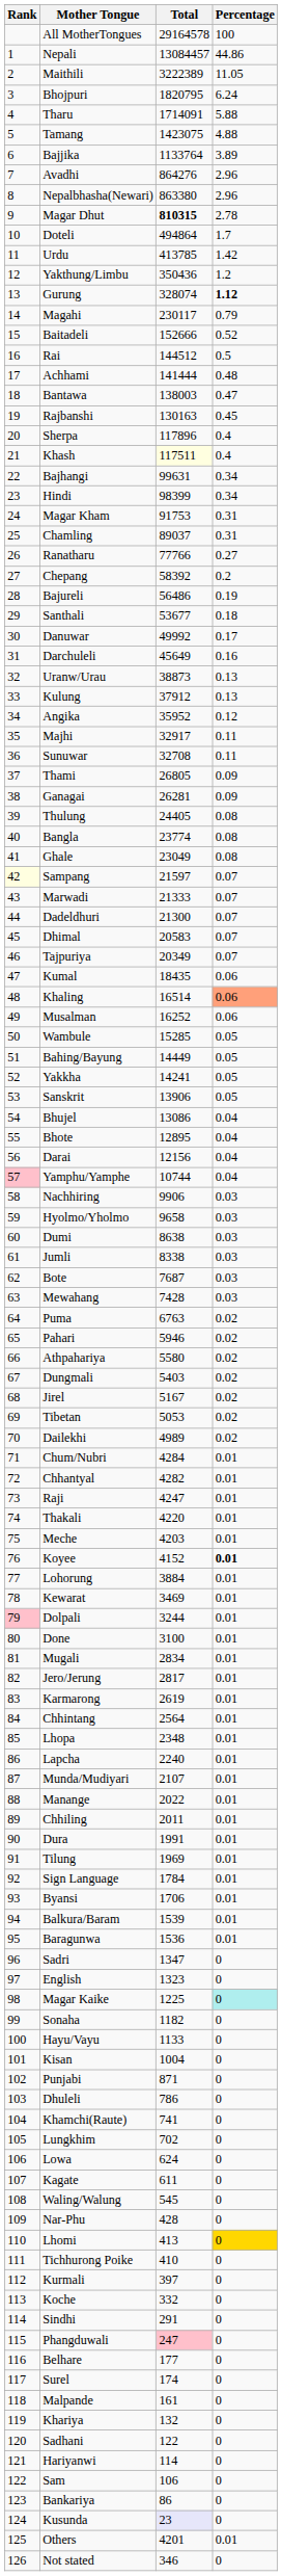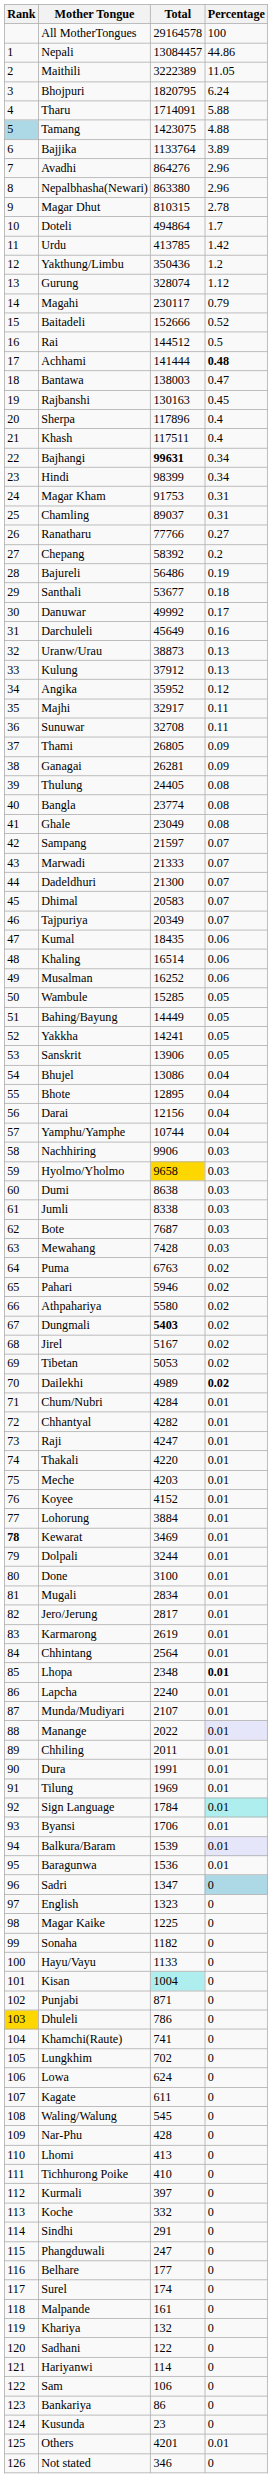 <table class="wikitable">
 <tr>
 <th>Rank</th>
 <th>Mother Tongue</th>
 <th>Total</th>
 <th>Percentage</th>
 </tr>
 <tr>
 <td></td>
 <td>All MotherTongues</td>
 <td>29164578</td>
 <td>100</td>
 </tr>
 <tr>
 <td>1</td>
 <td>Nepali</td>
 <td>13084457</td>
 <td>44.86</td>
 </tr>
 <tr>
 <td>2</td>
 <td>Maithili</td>
 <td>3222389</td>
 <td>11.05</td>
 </tr>
 <tr>
 <td>3</td>
 <td>Bhojpuri</td>
 <td>1820795</td>
 <td>6.24</td>
 </tr>
 <tr>
 <td>4</td>
 <td>Tharu</td>
 <td>1714091</td>
 <td>5.88</td>
 </tr>
 <tr>
-<td>5</td>
+<td style="background: lightblue;">5</td>
 <td>Tamang</td>
 <td>1423075</td>
 <td>4.88</td>
 </tr>
 <tr>
 <td>6</td>
 <td>Bajjika</td>
 <td>1133764</td>
 <td>3.89</td>
 </tr>
 <tr>
 <td>7</td>
 <td>Avadhi</td>
 <td>864276</td>
 <td>2.96</td>
 </tr>
 <tr>
 <td>8</td>
 <td>Nepalbhasha(Newari)</td>
 <td>863380</td>
 <td>2.96</td>
 </tr>
 <tr>
 <td>9</td>
 <td>Magar Dhut</td>
-<td><strong>810315</strong></td>
+<td>810315</td>
 <td>2.78</td>
 </tr>
 <tr>
 <td>10</td>
 <td>Doteli</td>
 <td>494864</td>
 <td>1.7</td>
 </tr>
 <tr>
 <td>11</td>
 <td>Urdu</td>
 <td>413785</td>
 <td>1.42</td>
 </tr>
 <tr>
 <td>12</td>
 <td>Yakthung/Limbu</td>
 <td>350436</td>
 <td>1.2</td>
 </tr>
 <tr>
 <td>13</td>
 <td>Gurung</td>
 <td>328074</td>
-<td><strong>1.12</strong></td>
+<td>1.12</td>
 </tr>
 <tr>
 <td>14</td>
 <td>Magahi</td>
 <td>230117</td>
 <td>0.79</td>
 </tr>
 <tr>
 <td>15</td>
 <td>Baitadeli</td>
 <td>152666</td>
 <td>0.52</td>
 </tr>
 <tr>
 <td>16</td>
 <td>Rai</td>
 <td>144512</td>
 <td>0.5</td>
 </tr>
 <tr>
 <td>17</td>
 <td>Achhami</td>
 <td>141444</td>
-<td>0.48</td>
+<td><strong>0.48</strong></td>
 </tr>
 <tr>
 <td>18</td>
 <td>Bantawa</td>
 <td>138003</td>
 <td>0.47</td>
 </tr>
 <tr>
 <td>19</td>
 <td>Rajbanshi</td>
 <td>130163</td>
 <td>0.45</td>
 </tr>
 <tr>
 <td>20</td>
 <td>Sherpa</td>
 <td>117896</td>
 <td>0.4</td>
 </tr>
 <tr>
 <td>21</td>
 <td>Khash</td>
-<td style="background: lightyellow;">117511</td>
+<td>117511</td>
 <td>0.4</td>
 </tr>
 <tr>
 <td>22</td>
 <td>Bajhangi</td>
-<td>99631</td>
+<td><strong>99631</strong></td>
 <td>0.34</td>
 </tr>
 <tr>
 <td>23</td>
 <td>Hindi</td>
 <td>98399</td>
 <td>0.34</td>
 </tr>
 <tr>
 <td>24</td>
 <td>Magar Kham</td>
 <td>91753</td>
 <td>0.31</td>
 </tr>
 <tr>
 <td>25</td>
 <td>Chamling</td>
 <td>89037</td>
 <td>0.31</td>
 </tr>
 <tr>
 <td>26</td>
 <td>Ranatharu</td>
 <td>77766</td>
 <td>0.27</td>
 </tr>
 <tr>
 <td>27</td>
 <td>Chepang</td>
 <td>58392</td>
 <td>0.2</td>
 </tr>
 <tr>
 <td>28</td>
 <td>Bajureli</td>
 <td>56486</td>
 <td>0.19</td>
 </tr>
 <tr>
 <td>29</td>
 <td>Santhali</td>
 <td>53677</td>
 <td>0.18</td>
 </tr>
 <tr>
 <td>30</td>
 <td>Danuwar</td>
 <td>49992</td>
 <td>0.17</td>
 </tr>
 <tr>
 <td>31</td>
 <td>Darchuleli</td>
 <td>45649</td>
 <td>0.16</td>
 </tr>
 <tr>
 <td>32</td>
 <td>Uranw/Urau</td>
 <td>38873</td>
 <td>0.13</td>
 </tr>
 <tr>
 <td>33</td>
 <td>Kulung</td>
 <td>37912</td>
 <td>0.13</td>
 </tr>
 <tr>
 <td>34</td>
 <td>Angika</td>
 <td>35952</td>
 <td>0.12</td>
 </tr>
 <tr>
 <td>35</td>
 <td>Majhi</td>
 <td>32917</td>
 <td>0.11</td>
 </tr>
 <tr>
 <td>36</td>
 <td>Sunuwar</td>
 <td>32708</td>
 <td>0.11</td>
 </tr>
 <tr>
 <td>37</td>
 <td>Thami</td>
 <td>26805</td>
 <td>0.09</td>
 </tr>
 <tr>
 <td>38</td>
 <td>Ganagai</td>
 <td>26281</td>
 <td>0.09</td>
 </tr>
 <tr>
 <td>39</td>
 <td>Thulung</td>
 <td>24405</td>
 <td>0.08</td>
 </tr>
 <tr>
 <td>40</td>
 <td>Bangla</td>
 <td>23774</td>
 <td>0.08</td>
 </tr>
 <tr>
 <td>41</td>
 <td>Ghale</td>
 <td>23049</td>
 <td>0.08</td>
 </tr>
 <tr>
-<td style="background: lightyellow;">42</td>
+<td>42</td>
 <td>Sampang</td>
 <td>21597</td>
 <td>0.07</td>
 </tr>
 <tr>
 <td>43</td>
 <td>Marwadi</td>
 <td>21333</td>
 <td>0.07</td>
 </tr>
 <tr>
 <td>44</td>
 <td>Dadeldhuri</td>
 <td>21300</td>
 <td>0.07</td>
 </tr>
 <tr>
 <td>45</td>
 <td>Dhimal</td>
 <td>20583</td>
 <td>0.07</td>
 </tr>
 <tr>
 <td>46</td>
 <td>Tajpuriya</td>
 <td>20349</td>
 <td>0.07</td>
 </tr>
 <tr>
 <td>47</td>
 <td>Kumal</td>
 <td>18435</td>
 <td>0.06</td>
 </tr>
 <tr>
 <td>48</td>
 <td>Khaling</td>
 <td>16514</td>
-<td style="background: lightsalmon;">0.06</td>
+<td>0.06</td>
 </tr>
 <tr>
 <td>49</td>
 <td>Musalman</td>
 <td>16252</td>
 <td>0.06</td>
 </tr>
 <tr>
 <td>50</td>
 <td>Wambule</td>
 <td>15285</td>
 <td>0.05</td>
 </tr>
 <tr>
 <td>51</td>
 <td>Bahing/Bayung</td>
 <td>14449</td>
 <td>0.05</td>
 </tr>
 <tr>
 <td>52</td>
 <td>Yakkha</td>
 <td>14241</td>
 <td>0.05</td>
 </tr>
 <tr>
 <td>53</td>
 <td>Sanskrit</td>
 <td>13906</td>
 <td>0.05</td>
 </tr>
 <tr>
 <td>54</td>
 <td>Bhujel</td>
 <td>13086</td>
 <td>0.04</td>
 </tr>
 <tr>
 <td>55</td>
 <td>Bhote</td>
 <td>12895</td>
 <td>0.04</td>
 </tr>
 <tr>
 <td>56</td>
 <td>Darai</td>
 <td>12156</td>
 <td>0.04</td>
 </tr>
 <tr>
-<td style="background: pink;">57</td>
+<td>57</td>
 <td>Yamphu/Yamphe</td>
 <td>10744</td>
 <td>0.04</td>
 </tr>
 <tr>
 <td>58</td>
 <td>Nachhiring</td>
 <td>9906</td>
 <td>0.03</td>
 </tr>
 <tr>
 <td>59</td>
 <td>Hyolmo/Yholmo</td>
-<td>9658</td>
+<td style="background: gold;">9658</td>
 <td>0.03</td>
 </tr>
 <tr>
 <td>60</td>
 <td>Dumi</td>
 <td>8638</td>
 <td>0.03</td>
 </tr>
 <tr>
 <td>61</td>
 <td>Jumli</td>
 <td>8338</td>
 <td>0.03</td>
 </tr>
 <tr>
 <td>62</td>
 <td>Bote</td>
 <td>7687</td>
 <td>0.03</td>
 </tr>
 <tr>
 <td>63</td>
 <td>Mewahang</td>
 <td>7428</td>
 <td>0.03</td>
 </tr>
 <tr>
 <td>64</td>
 <td>Puma</td>
 <td>6763</td>
 <td>0.02</td>
 </tr>
 <tr>
 <td>65</td>
 <td>Pahari</td>
 <td>5946</td>
 <td>0.02</td>
 </tr>
 <tr>
 <td>66</td>
 <td>Athpahariya</td>
 <td>5580</td>
 <td>0.02</td>
 </tr>
 <tr>
 <td>67</td>
 <td>Dungmali</td>
-<td>5403</td>
+<td><strong>5403</strong></td>
 <td>0.02</td>
 </tr>
 <tr>
 <td>68</td>
 <td>Jirel</td>
 <td>5167</td>
 <td>0.02</td>
 </tr>
 <tr>
 <td>69</td>
 <td>Tibetan</td>
 <td>5053</td>
 <td>0.02</td>
 </tr>
 <tr>
 <td>70</td>
 <td>Dailekhi</td>
 <td>4989</td>
-<td>0.02</td>
+<td><strong>0.02</strong></td>
 </tr>
 <tr>
 <td>71</td>
 <td>Chum/Nubri</td>
 <td>4284</td>
 <td>0.01</td>
 </tr>
 <tr>
 <td>72</td>
 <td>Chhantyal</td>
 <td>4282</td>
 <td>0.01</td>
 </tr>
 <tr>
 <td>73</td>
 <td>Raji</td>
 <td>4247</td>
 <td>0.01</td>
 </tr>
 <tr>
 <td>74</td>
 <td>Thakali</td>
 <td>4220</td>
 <td>0.01</td>
 </tr>
 <tr>
 <td>75</td>
 <td>Meche</td>
 <td>4203</td>
 <td>0.01</td>
 </tr>
 <tr>
 <td>76</td>
 <td>Koyee</td>
 <td>4152</td>
-<td><strong>0.01</strong></td>
+<td>0.01</td>
 </tr>
 <tr>
 <td>77</td>
 <td>Lohorung</td>
 <td>3884</td>
 <td>0.01</td>
 </tr>
 <tr>
-<td>78</td>
+<td><strong>78</strong></td>
 <td>Kewarat</td>
 <td>3469</td>
 <td>0.01</td>
 </tr>
 <tr>
-<td style="background: pink;">79</td>
+<td>79</td>
 <td>Dolpali</td>
 <td>3244</td>
 <td>0.01</td>
 </tr>
 <tr>
 <td>80</td>
 <td>Done</td>
 <td>3100</td>
 <td>0.01</td>
 </tr>
 <tr>
 <td>81</td>
 <td>Mugali</td>
 <td>2834</td>
 <td>0.01</td>
 </tr>
 <tr>
 <td>82</td>
 <td>Jero/Jerung</td>
 <td>2817</td>
 <td>0.01</td>
 </tr>
 <tr>
 <td>83</td>
 <td>Karmarong</td>
 <td>2619</td>
 <td>0.01</td>
 </tr>
 <tr>
 <td>84</td>
 <td>Chhintang</td>
 <td>2564</td>
 <td>0.01</td>
 </tr>
 <tr>
 <td>85</td>
 <td>Lhopa</td>
 <td>2348</td>
-<td>0.01</td>
+<td><strong>0.01</strong></td>
 </tr>
 <tr>
 <td>86</td>
 <td>Lapcha</td>
 <td>2240</td>
 <td>0.01</td>
 </tr>
 <tr>
 <td>87</td>
 <td>Munda/Mudiyari</td>
 <td>2107</td>
 <td>0.01</td>
 </tr>
 <tr>
 <td>88</td>
 <td>Manange</td>
 <td>2022</td>
-<td>0.01</td>
+<td style="background: lavender;">0.01</td>
 </tr>
 <tr>
 <td>89</td>
 <td>Chhiling</td>
 <td>2011</td>
 <td>0.01</td>
 </tr>
 <tr>
 <td>90</td>
 <td>Dura</td>
 <td>1991</td>
 <td>0.01</td>
 </tr>
 <tr>
 <td>91</td>
 <td>Tilung</td>
 <td>1969</td>
 <td>0.01</td>
 </tr>
 <tr>
 <td>92</td>
 <td>Sign Language</td>
 <td>1784</td>
-<td>0.01</td>
+<td style="background: paleturquoise;">0.01</td>
 </tr>
 <tr>
 <td>93</td>
 <td>Byansi</td>
 <td>1706</td>
 <td>0.01</td>
 </tr>
 <tr>
 <td>94</td>
 <td>Balkura/Baram</td>
 <td>1539</td>
-<td>0.01</td>
+<td style="background: lavender;">0.01</td>
 </tr>
 <tr>
 <td>95</td>
 <td>Baragunwa</td>
 <td>1536</td>
 <td>0.01</td>
 </tr>
 <tr>
 <td>96</td>
 <td>Sadri</td>
 <td>1347</td>
-<td>0</td>
+<td style="background: lightblue;">0</td>
 </tr>
 <tr>
 <td>97</td>
 <td>English</td>
 <td>1323</td>
 <td>0</td>
 </tr>
 <tr>
 <td>98</td>
 <td>Magar Kaike</td>
 <td>1225</td>
-<td style="background: paleturquoise;">0</td>
+<td>0</td>
 </tr>
 <tr>
 <td>99</td>
 <td>Sonaha</td>
 <td>1182</td>
 <td>0</td>
 </tr>
 <tr>
 <td>100</td>
 <td>Hayu/Vayu</td>
 <td>1133</td>
 <td>0</td>
 </tr>
 <tr>
 <td>101</td>
 <td>Kisan</td>
-<td>1004</td>
+<td style="background: paleturquoise;">1004</td>
 <td>0</td>
 </tr>
 <tr>
 <td>102</td>
 <td>Punjabi</td>
 <td>871</td>
 <td>0</td>
 </tr>
 <tr>
-<td>103</td>
+<td style="background: gold;">103</td>
 <td>Dhuleli</td>
 <td>786</td>
 <td>0</td>
 </tr>
 <tr>
 <td>104</td>
 <td>Khamchi(Raute)</td>
 <td>741</td>
 <td>0</td>
 </tr>
 <tr>
 <td>105</td>
 <td>Lungkhim</td>
 <td>702</td>
 <td>0</td>
 </tr>
 <tr>
 <td>106</td>
 <td>Lowa</td>
 <td>624</td>
 <td>0</td>
 </tr>
 <tr>
 <td>107</td>
 <td>Kagate</td>
 <td>611</td>
 <td>0</td>
 </tr>
 <tr>
 <td>108</td>
 <td>Waling/Walung</td>
 <td>545</td>
 <td>0</td>
 </tr>
 <tr>
 <td>109</td>
 <td>Nar-Phu</td>
 <td>428</td>
 <td>0</td>
 </tr>
 <tr>
 <td>110</td>
 <td>Lhomi</td>
 <td>413</td>
-<td style="background: gold;">0</td>
+<td>0</td>
 </tr>
 <tr>
 <td>111</td>
 <td>Tichhurong Poike</td>
 <td>410</td>
 <td>0</td>
 </tr>
 <tr>
 <td>112</td>
 <td>Kurmali</td>
 <td>397</td>
 <td>0</td>
 </tr>
 <tr>
 <td>113</td>
 <td>Koche</td>
 <td>332</td>
 <td>0</td>
 </tr>
 <tr>
 <td>114</td>
 <td>Sindhi</td>
 <td>291</td>
 <td>0</td>
 </tr>
 <tr>
 <td>115</td>
 <td>Phangduwali</td>
-<td style="background: pink;">247</td>
+<td>247</td>
 <td>0</td>
 </tr>
 <tr>
 <td>116</td>
 <td>Belhare</td>
 <td>177</td>
 <td>0</td>
 </tr>
 <tr>
 <td>117</td>
 <td>Surel</td>
 <td>174</td>
 <td>0</td>
 </tr>
 <tr>
 <td>118</td>
 <td>Malpande</td>
 <td>161</td>
 <td>0</td>
 </tr>
 <tr>
 <td>119</td>
 <td>Khariya</td>
 <td>132</td>
 <td>0</td>
 </tr>
 <tr>
 <td>120</td>
 <td>Sadhani</td>
 <td>122</td>
 <td>0</td>
 </tr>
 <tr>
 <td>121</td>
 <td>Hariyanwi</td>
 <td>114</td>
 <td>0</td>
 </tr>
 <tr>
 <td>122</td>
 <td>Sam</td>
 <td>106</td>
 <td>0</td>
 </tr>
 <tr>
 <td>123</td>
 <td>Bankariya</td>
 <td>86</td>
 <td>0</td>
 </tr>
 <tr>
 <td>124</td>
 <td>Kusunda</td>
-<td style="background: lavender;">23</td>
+<td>23</td>
 <td>0</td>
 </tr>
 <tr>
 <td>125</td>
 <td>Others</td>
 <td>4201</td>
 <td>0.01</td>
 </tr>
 <tr>
 <td>126</td>
 <td>Not stated</td>
 <td>346</td>
 <td>0</td>
 </tr>
 </table>
